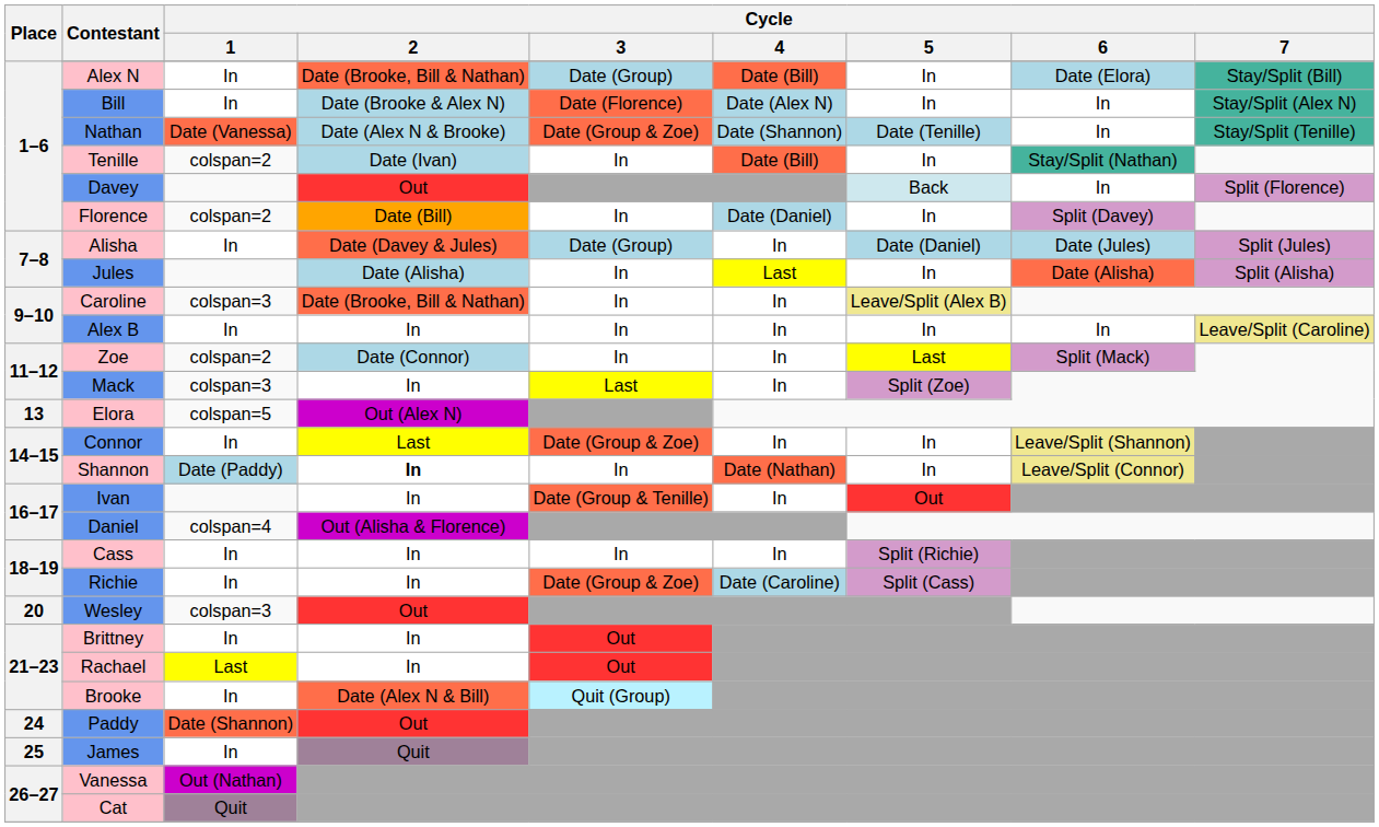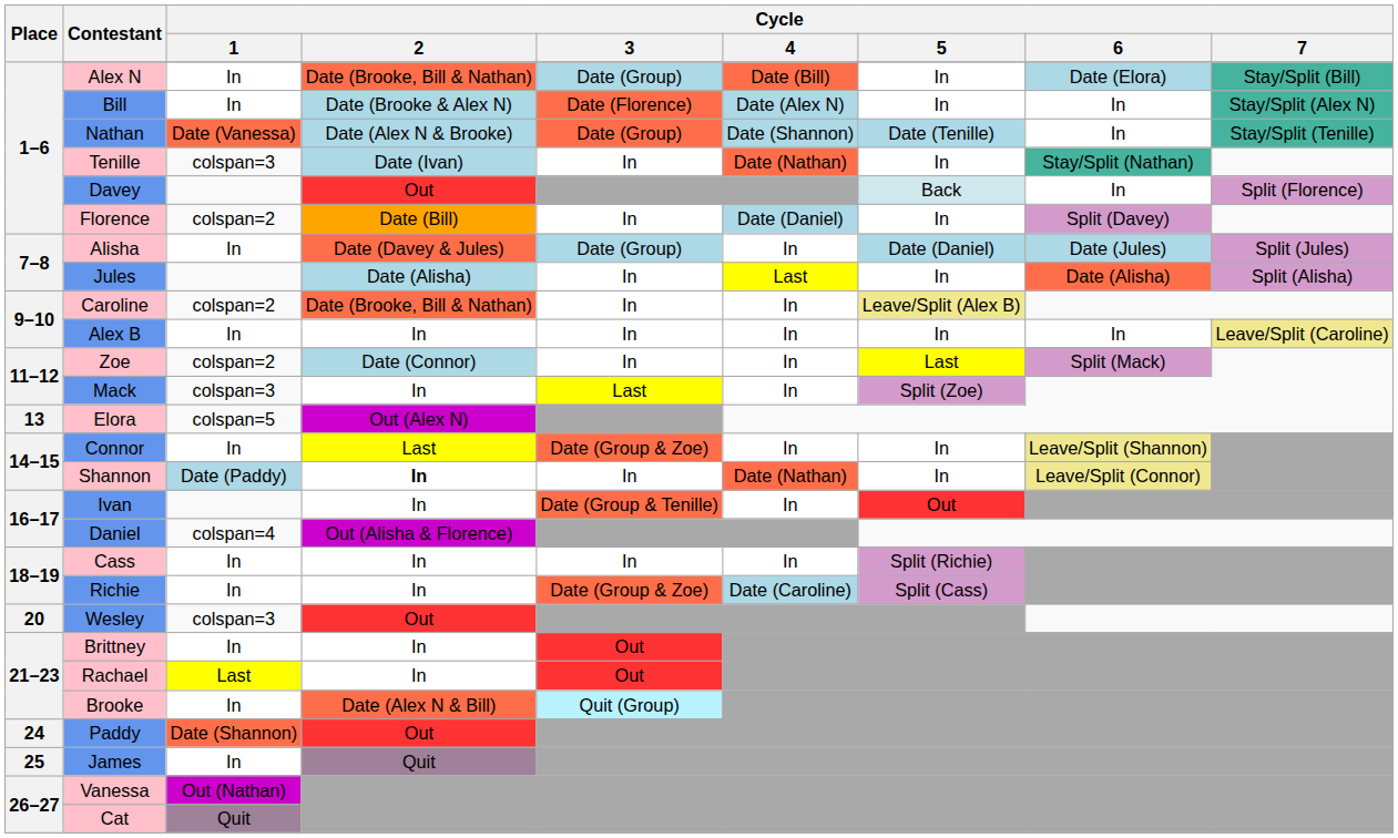 <table class="wikitable" style="text-align:center; font-size:95%">
 <tr>
 <th rowspan="2">Place</th>
 <th rowspan="2">Contestant</th>
 <th colspan="8">Cycle</th>
 </tr>
 <tr>
 <th>1</th>
 <th>2</th>
 <th>3</th>
 <th>4</th>
 <th>5</th>
 <th>6</th>
 <th>7</th>
 </tr>
 <tr>
 <th rowspan=7>1–6</th>
 </tr>
 <tr>
 <td bgcolor="#ffc0cb">Alex N</td>
 <td bgcolor="#FFFFFF">In</td>
 <td bgcolor="#FF6E4A">Date (Brooke, Bill & Nathan)</td>
 <td bgcolor="#ADD8E6">Date (Group)</td>
 <td bgcolor="#FF6E4A">Date (Bill)</td>
 <td bgcolor="#FFFFFF">In</td>
 <td bgcolor="#ADD8E6">Date (Elora)</td>
 <td bgcolor="#45B39D">Stay/Split (Bill)</td>
 </tr>
 <tr>
 <td bgcolor="#6495ed">Bill</td>
 <td bgcolor="#FFFFFF">In</td>
 <td bgcolor="#ADD8E6">Date (Brooke & Alex N)</td>
 <td bgcolor="#FF6E4A">Date (Florence)</td>
 <td bgcolor="#ADD8E6">Date (Alex N)</td>
 <td bgcolor="#FFFFFF">In</td>
 <td bgcolor="#FFFFFF">In</td>
 <td bgcolor="#45B39D">Stay/Split (Alex N)</td>
 </tr>
 <tr>
 <td bgcolor="#6495ed">Nathan</td>
 <td bgcolor="#FF6E4A">Date (Vanessa)</td>
 <td bgcolor="#ADD8E6">Date (Alex N & Brooke)</td>
-<td bgcolor="#FF6E4A">Date (Group & Zoe)</td>
+<td bgcolor="#FF6E4A">Date (Group)</td>
 <td bgcolor="#ADD8E6">Date (Shannon)</td>
 <td bgcolor="#ADD8E6">Date (Tenille)</td>
 <td bgcolor="#FFFFFF">In</td>
 <td bgcolor="#45B39D">Stay/Split (Tenille)</td>
 </tr>
 <tr>
 <td bgcolor="#ffc0cb">Tenille</td>
-<td>colspan=2 </td>
+<td>colspan=3 </td>
 <td bgcolor="#ADD8E6">Date (Ivan)</td>
 <td bgcolor="#FFFFFF">In</td>
-<td bgcolor="#FF6E4A">Date (Bill)</td>
+<td bgcolor="#FF6E4A">Date (Nathan)</td>
 <td bgcolor="#FFFFFF">In</td>
 <td bgcolor="#45B39D">Stay/Split (Nathan)</td>
 </tr>
 <tr>
 <td bgcolor="#6495ed">Davey</td>
 <td></td>
 <td bgcolor="#FF3333">Out</td>
 <td colspan="2"; bgcolor="#A9A9A9"></td>
 <td bgcolor="#CEE8EE">Back</td>
 <td bgcolor="#FFFFFF">In</td>
 <td bgcolor="#D39BCB">Split (Florence)</td>
 </tr>
 <tr>
 <td bgcolor="#ffc0cb">Florence</td>
 <td>colspan=2 </td>
 <td bgcolor="#FFA500">Date (Bill)</td>
 <td bgcolor="#FFFFFF">In</td>
 <td bgcolor="#ADD8E6">Date (Daniel)</td>
 <td bgcolor="#FFFFFF">In</td>
 <td bgcolor="#D39BCB">Split (Davey)</td>
 </tr>
 <tr>
 <th rowspan=2>7–8</th>
 <td bgcolor="#ffc0cb">Alisha</td>
 <td bgcolor="#FFFFFF">In</td>
 <td bgcolor="#FF6E4A">Date (Davey & Jules)</td>
 <td bgcolor="#ADD8E6">Date (Group)</td>
 <td bgcolor="#FFFFFF">In</td>
 <td bgcolor="#ADD8E6">Date (Daniel)</td>
 <td bgcolor="#ADD8E6">Date (Jules)</td>
 <td bgcolor="#D39BCB">Split (Jules)</td>
 </tr>
 <tr>
 <td bgcolor="#6495ed">Jules</td>
 <td></td>
 <td bgcolor="#ADD8E6">Date (Alisha)</td>
 <td bgcolor="#FFFFFF">In</td>
 <td bgcolor="#FFFF00">Last</td>
 <td bgcolor="#FFFFFF">In</td>
 <td bgcolor="#FF6E4A">Date (Alisha)</td>
 <td bgcolor="#D39BCB">Split (Alisha)</td>
 </tr>
 <tr>
 <th rowspan=2>9–10</th>
 <td bgcolor="#ffc0cb">Caroline</td>
-<td>colspan=3 </td>
+<td>colspan=2 </td>
 <td bgcolor="#FF6E4A">Date (Brooke, Bill & Nathan)</td>
 <td bgcolor="#FFFFFF">In</td>
 <td bgcolor="#FFFFFF">In</td>
 <td bgcolor="#F0E891">Leave/Split (Alex B)</td>
 </tr>
 <tr>
 <td bgcolor="#6495ed">Alex B</td>
 <td bgcolor="#FFFFFF">In</td>
 <td bgcolor="#FFFFFF">In</td>
 <td bgcolor="#FFFFFF">In</td>
 <td bgcolor="#FFFFFF">In</td>
 <td bgcolor="#FFFFFF">In</td>
 <td bgcolor="#FFFFFF">In</td>
 <td bgcolor="#F0E891">Leave/Split (Caroline)</td>
 </tr>
 <tr>
 <th rowspan=2>11–12</th>
 <td bgcolor="#ffc0cb">Zoe</td>
 <td>colspan=2 </td>
 <td bgcolor="#ADD8E6">Date (Connor)</td>
 <td bgcolor="#FFFFFF">In</td>
 <td bgcolor="#FFFFFF">In</td>
 <td bgcolor="#FFFF00">Last</td>
 <td bgcolor="#D39BCB">Split (Mack)</td>
 </tr>
 <tr>
 <td bgcolor="#6495ed">Mack</td>
 <td>colspan=3 </td>
 <td bgcolor="#FFFFFF">In</td>
 <td bgcolor="#FFFF00">Last</td>
 <td bgcolor="#FFFFFF">In</td>
 <td bgcolor="#D39BCB">Split (Zoe)</td>
 </tr>
 <tr>
 <th>13</th>
 <td bgcolor="#ffc0cb">Elora</td>
 <td>colspan=5 </td>
 <td bgcolor="#CC00CC">Out (Alex N)</td>
 <td bgcolor="#A9A9A9"></td>
 </tr>
 <tr>
 <th rowspan=2>14–15</th>
 <td bgcolor="#6495ed">Connor</td>
 <td bgcolor="#FFFFFF">In</td>
 <td bgcolor="#FFFF00">Last</td>
 <td bgcolor="#FF6E4A">Date (Group & Zoe)</td>
 <td bgcolor="#FFFFFF">In</td>
 <td bgcolor="#FFFFFF">In</td>
 <td bgcolor="#F0E891">Leave/Split (Shannon)</td>
 <td bgcolor="#A9A9A9"></td>
 </tr>
 <tr>
 <td bgcolor="#ffc0cb">Shannon</td>
 <td bgcolor="#ADD8E6">Date (Paddy)</td>
 <td bgcolor="#FFFFFF"><strong>In</strong></td>
 <td bgcolor="#FFFFFF">In</td>
 <td bgcolor="#FF6E4A">Date (Nathan)</td>
 <td bgcolor="#FFFFFF">In</td>
 <td bgcolor="#F0E891">Leave/Split (Connor)</td>
 <td bgcolor="#A9A9A9"></td>
 </tr>
 <tr>
 <th rowspan=2>16–17</th>
 <td bgcolor="#6495ed">Ivan</td>
 <td></td>
 <td bgcolor="#FFFFFF">In</td>
 <td bgcolor="#FF6E4A">Date (Group & Tenille)</td>
 <td bgcolor="#FFFFFF">In</td>
 <td bgcolor="#FF3333">Out</td>
 <td bgcolor="#A9A9A9"; colspan=2></td>
 </tr>
 <tr>
 <td bgcolor="#6495ed">Daniel</td>
 <td>colspan=4 </td>
 <td bgcolor="#CC00CC">Out (Alisha & Florence)</td>
 <td bgcolor="#A9A9A9"; colspan=2></td>
 </tr>
 <tr>
 <th rowspan=2>18–19</th>
 <td bgcolor="#ffc0cb">Cass</td>
 <td bgcolor="#FFFFFF">In</td>
 <td bgcolor="#FFFFFF">In</td>
 <td bgcolor="#FFFFFF">In</td>
 <td bgcolor="#FFFFFF">In</td>
 <td bgcolor="#D39BCB">Split (Richie)</td>
 <td bgcolor="#A9A9A9"; colspan=2></td>
 </tr>
 <tr>
 <td bgcolor="#6495ed">Richie</td>
 <td bgcolor="#FFFFFF">In</td>
 <td bgcolor="#FFFFFF">In</td>
 <td bgcolor="#FF6E4A">Date (Group & Zoe)</td>
 <td bgcolor="#ADD8E6">Date (Caroline)</td>
 <td bgcolor="#D39BCB">Split (Cass)</td>
 <td bgcolor="#A9A9A9"; colspan=2></td>
 </tr>
 <tr>
 <th rowspan=1>20</th>
 <td bgcolor="#6495ed">Wesley</td>
 <td>colspan=3 </td>
 <td bgcolor="#FF3333">Out</td>
 <td bgcolor="#A9A9A9"; colspan=3></td>
 </tr>
 <tr>
 <th rowspan=3>21–23</th>
 <td bgcolor="#ffc0cb">Brittney</td>
 <td bgcolor="#FFFFFF">In</td>
 <td bgcolor="#FFFFFF">In</td>
 <td bgcolor="#FF3333">Out</td>
 <td bgcolor="#A9A9A9"; colspan=4></td>
 </tr>
 <tr>
 <td bgcolor="#ffc0cb">Rachael</td>
 <td bgcolor="#FFFF00">Last</td>
 <td bgcolor="#FFFFFF">In</td>
 <td bgcolor="#FF3333">Out</td>
 <td bgcolor="#A9A9A9"; colspan=4></td>
 </tr>
 <tr>
 <td bgcolor="#ffc0cb">Brooke</td>
 <td bgcolor="#FFFFFF">In</td>
 <td bgcolor="#FF6E4A">Date (Alex N & Bill)</td>
 <td bgcolor="#B9F2FF">Quit (Group)</td>
 <td bgcolor="#A9A9A9"; colspan=5></td>
 </tr>
 <tr>
 <th>24</th>
 <td bgcolor="#6495ed">Paddy</td>
 <td bgcolor="#FF6E4A">Date (Shannon)</td>
 <td bgcolor="#FF3333">Out</td>
 <td bgcolor="#A9A9A9"; colspan=5></td>
 </tr>
 <tr>
 <th>25</th>
 <td bgcolor="#6495ed">James</td>
 <td bgcolor="#FFFFFF">In</td>
 <td bgcolor="#9F8199">Quit</td>
 <td bgcolor="#A9A9A9"; colspan=5></td>
 </tr>
 <tr>
 <th rowspan=2>26–27</th>
 <td bgcolor="#ffc0cb">Vanessa</td>
 <td bgcolor="#CC00CC">Out (Nathan)</td>
 <td bgcolor="#A9A9A9"; colspan=6></td>
 </tr>
 <tr>
 <td bgcolor="#ffc0cb">Cat</td>
 <td bgcolor="#9F8199">Quit</td>
 <td bgcolor="#A9A9A9"; colspan=6></td>
 </tr>
 <tr>
 </tr>
 </table>
